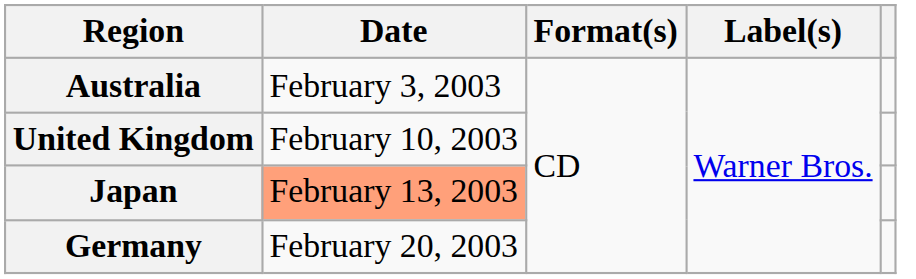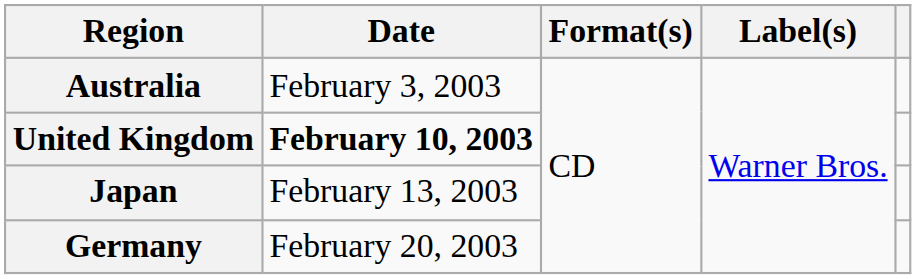 <table class="wikitable plainrowheaders">
 <tr>
 <th scope="col">Region</th>
 <th scope="col">Date</th>
 <th scope="col">Format(s)</th>
 <th scope="col">Label(s)</th>
 <th scope="col"></th>
 </tr>
 <tr>
 <th scope="row">Australia</th>
 <td>February 3, 2003</td>
 <td rowspan="4">CD</td>
 <td rowspan="4"><a href='#'>Warner Bros.</a></td>
 <td></td>
 </tr>
 <tr>
 <th scope="row">United Kingdom</th>
-<td>February 10, 2003</td>
+<td><strong>February 10, 2003</strong></td>
 <td></td>
 </tr>
 <tr>
 <th scope="row">Japan</th>
-<td style="background: lightsalmon;">February 13, 2003</td>
+<td>February 13, 2003</td>
 <td></td>
 </tr>
 <tr>
 <th scope="row">Germany</th>
 <td>February 20, 2003</td>
 <td></td>
 </tr>
 </table>
